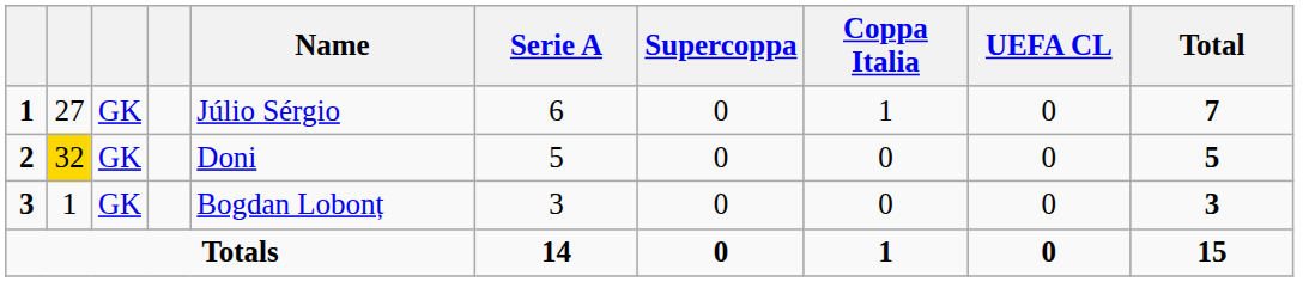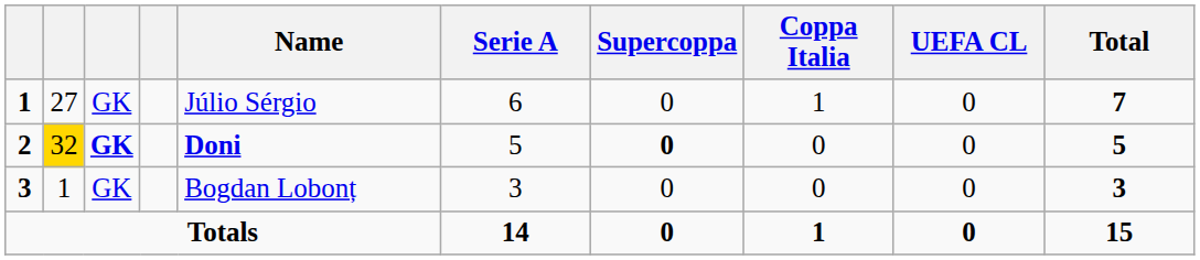 <table class="wikitable" style="text-align:center">
 <tr>
 <th width=15></th>
 <th width=15></th>
 <th width=15></th>
 <th width=15></th>
 <th width=145>Name</th>
 <th width=80><a href='#'>Serie A</a></th>
 <th width=80><a href='#'>Supercoppa</a></th>
 <th width=80><a href='#'>Coppa Italia</a></th>
 <th width=80><a href='#'>UEFA CL</a></th>
 <th width=80>Total</th>
 </tr>
 <tr>
 <td><strong>1</strong></td>
 <td>27</td>
 <td><a href='#'>GK</a></td>
 <td></td>
 <td align=left><a href='#'>Júlio Sérgio</a></td>
 <td>6</td>
 <td>0</td>
 <td>1</td>
 <td>0</td>
 <td><strong>7</strong></td>
 </tr>
 <tr>
 <td><strong>2</strong></td>
 <td style="background: gold;">32</td>
-<td><a href='#'>GK</a></td>
+<td><strong><a href='#'>GK</a></strong></td>
 <td></td>
-<td align=left><a href='#'>Doni</a></td>
+<td align=left><strong><a href='#'>Doni</a></strong></td>
 <td>5</td>
-<td>0</td>
+<td><strong>0</strong></td>
 <td>0</td>
 <td>0</td>
 <td><strong>5</strong></td>
 </tr>
 <tr>
 <td><strong>3</strong></td>
 <td>1</td>
 <td><a href='#'>GK</a></td>
 <td></td>
 <td align=left><a href='#'>Bogdan Lobonț</a></td>
 <td>3</td>
 <td>0</td>
 <td>0</td>
 <td>0</td>
 <td><strong>3</strong></td>
 </tr>
 <tr>
 <td colspan=5><strong>Totals</strong></td>
 <td><strong>14</strong></td>
 <td><strong>0</strong></td>
 <td><strong>1</strong></td>
 <td><strong>0</strong></td>
 <td><strong>15</strong></td>
 </tr>
 </table>
